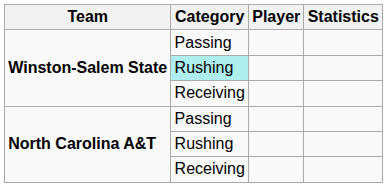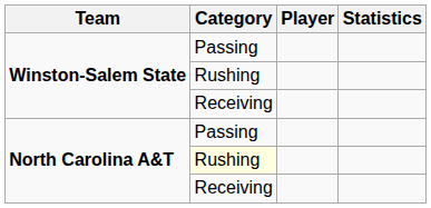 <table class="wikitable" style="float: right;">
 <tr>
 <th>Team</th>
 <th>Category</th>
 <th>Player</th>
 <th>Statistics</th>
 </tr>
 <tr>
 <td rowspan=3><strong>Winston-Salem State</strong></td>
 <td>Passing</td>
 <td></td>
 <td></td>
 </tr>
 <tr>
-<td style="background: paleturquoise;">Rushing</td>
+<td>Rushing</td>
 <td></td>
 <td></td>
 </tr>
 <tr>
 <td>Receiving</td>
 <td></td>
 <td></td>
 </tr>
 <tr>
 <td rowspan=3><strong>North Carolina A&T</strong></td>
 <td>Passing</td>
 <td></td>
 <td></td>
 </tr>
 <tr>
-<td>Rushing</td>
+<td style="background: lightyellow;">Rushing</td>
 <td></td>
 <td></td>
 </tr>
 <tr>
 <td>Receiving</td>
 <td></td>
 <td></td>
 </tr>
 </table>
